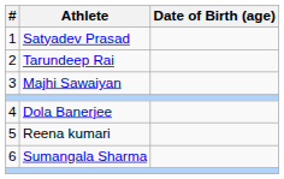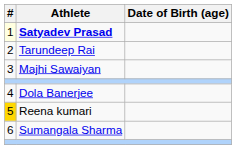 <table class="wikitable">
 <tr>
 <th>#</th>
 <th>Athlete</th>
 <th>Date of Birth (age)</th>
 </tr>
 <tr>
-<td>1</td>
-<td><a href='#'>Satyadev Prasad</a></td>
+<td style="background: lightyellow;">1</td>
+<td><strong><a href='#'>Satyadev Prasad</a></strong></td>
 <td></td>
 </tr>
 <tr>
 <td>2</td>
 <td><a href='#'>Tarundeep Rai</a></td>
 <td></td>
 </tr>
 <tr>
 <td>3</td>
 <td><a href='#'>Majhi Sawaiyan</a></td>
 <td></td>
 </tr>
 <tr ---->
 <td colspan="9" bgcolor="#B0D3FB" align="left" bgcolor="#DFEDFD"></td>
 </tr>
 <tr ---->
 <td>4</td>
 <td><a href='#'>Dola Banerjee</a></td>
 <td></td>
 </tr>
 <tr>
-<td>5</td>
+<td style="background: gold;">5</td>
 <td>Reena kumari</td>
 <td></td>
 </tr>
 <tr>
 <td>6</td>
 <td><a href='#'>Sumangala Sharma</a></td>
 <td></td>
 </tr>
 <tr ---->
 <td colspan="9" bgcolor="#B0D3FB" align="left" bgcolor="#DFEDFD"></td>
 </tr>
 </table>
